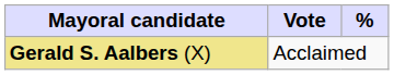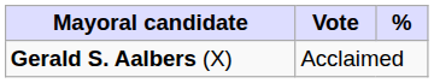 <table class="wikitable">
 <tr>
 <th style="background:#ddf; width:200px;">Mayoral candidate</th>
 <th style="background:#ddf; width:50px;">Vote</th>
 <th style="background:#ddf; width:30px;">%</th>
 </tr>
 <tr>
-<td style="background: khaki;"><strong>Gerald S. Aalbers</strong> (X)</td>
+<td><strong>Gerald S. Aalbers</strong> (X)</td>
 <td colspan="2">Acclaimed</td>
 </tr>
 </table>
